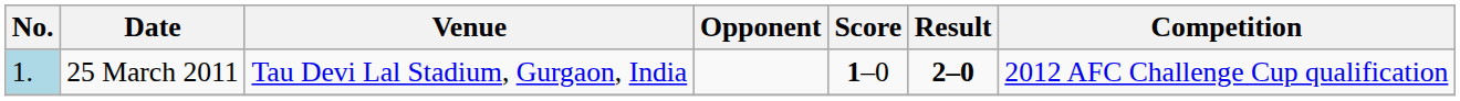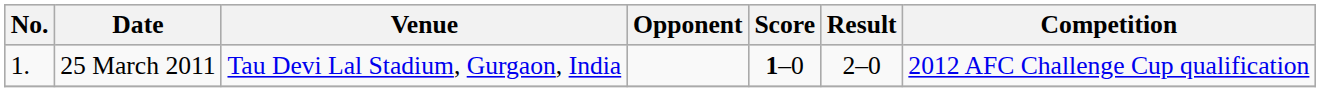 <table class="wikitable">
 <tr>
 <th>No.</th>
 <th>Date</th>
 <th>Venue</th>
 <th>Opponent</th>
 <th>Score</th>
 <th>Result</th>
 <th>Competition</th>
 </tr>
 <tr>
-<td style="background: lightblue;">1.</td>
+<td>1.</td>
 <td>25 March 2011</td>
 <td><a href='#'>Tau Devi Lal Stadium</a>, <a href='#'>Gurgaon</a>, <a href='#'>India</a></td>
 <td></td>
 <td align=center><strong>1</strong>–0</td>
-<td align=center><strong>2–0</strong></td>
+<td align=center>2–0</td>
 <td><a href='#'>2012 AFC Challenge Cup qualification</a></td>
 </tr>
 <tr>
 </tr>
 </table>
